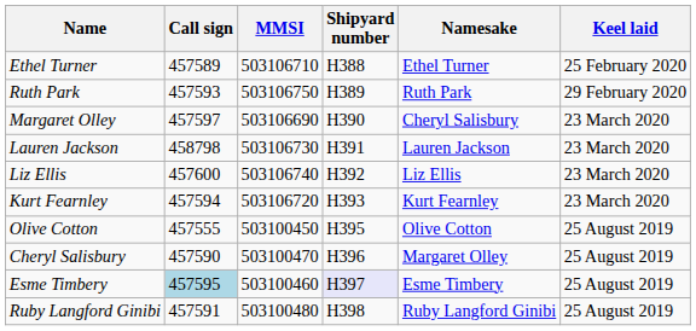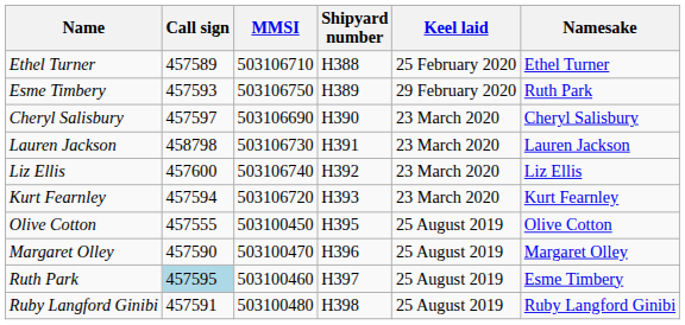 <table class="wikitable sortable">
 <tr>
 <th>Name</th>
 <th>Call sign</th>
 <th><a href='#'>MMSI</a></th>
 <th>Shipyard<br>number</th>
+<th><a href='#'>Keel laid</a></th>
 <th>Namesake</th>
-<th><a href='#'>Keel laid</a></th>
 </tr>
 <tr>
 <td><em>Ethel Turner</em></td>
 <td>457589</td>
 <td>503106710</td>
 <td>H388</td>
+<td>25 February 2020</td>
 <td><a href='#'>Ethel Turner</a></td>
-<td>25 February 2020</td>
 </tr>
 <tr>
-<td><em>Ruth Park</em></td>
+<td><em>Esme Timbery</em></td>
 <td>457593</td>
 <td>503106750</td>
 <td>H389</td>
+<td>29 February 2020</td>
 <td><a href='#'>Ruth Park</a></td>
-<td>29 February 2020</td>
 </tr>
 <tr>
-<td><em>Margaret Olley </em></td>
+<td><em>Cheryl Salisbury</em></td>
 <td>457597</td>
 <td>503106690</td>
 <td>H390</td>
+<td>23 March 2020</td>
 <td><a href='#'>Cheryl Salisbury</a></td>
-<td>23 March 2020</td>
 </tr>
 <tr>
 <td><em>Lauren Jackson</em></td>
 <td>458798</td>
 <td>503106730</td>
 <td>H391</td>
+<td>23 March 2020</td>
 <td><a href='#'>Lauren Jackson</a></td>
-<td>23 March 2020</td>
 </tr>
 <tr>
 <td><em>Liz Ellis</em></td>
 <td>457600</td>
 <td>503106740</td>
 <td>H392</td>
+<td>23 March 2020</td>
 <td><a href='#'>Liz Ellis</a></td>
-<td>23 March 2020</td>
 </tr>
 <tr>
 <td><em>Kurt Fearnley</em></td>
 <td>457594</td>
 <td>503106720</td>
 <td>H393</td>
+<td>23 March 2020</td>
 <td><a href='#'>Kurt Fearnley</a></td>
-<td>23 March 2020</td>
 </tr>
 <tr>
 <td><em>Olive Cotton</em></td>
 <td>457555</td>
 <td>503100450</td>
 <td>H395</td>
+<td>25 August 2019</td>
 <td><a href='#'>Olive Cotton</a></td>
-<td>25 August 2019</td>
 </tr>
 <tr>
-<td><em>Cheryl Salisbury</em></td>
+<td><em>Margaret Olley </em></td>
 <td>457590</td>
 <td>503100470</td>
 <td>H396</td>
+<td>25 August 2019</td>
 <td><a href='#'>Margaret Olley</a></td>
-<td>25 August 2019</td>
 </tr>
 <tr>
-<td><em>Esme Timbery</em></td>
+<td><em>Ruth Park</em></td>
 <td style="background: lightblue;">457595</td>
 <td>503100460</td>
-<td style="background: lavender;">H397</td>
+<td>H397</td>
+<td>25 August 2019</td>
 <td><a href='#'>Esme Timbery</a></td>
-<td>25 August 2019</td>
 </tr>
 <tr>
 <td><em>Ruby Langford Ginibi</em></td>
 <td>457591</td>
 <td>503100480</td>
 <td>H398</td>
+<td>25 August 2019</td>
 <td><a href='#'>Ruby Langford Ginibi</a></td>
-<td>25 August 2019</td>
 </tr>
 </table>
